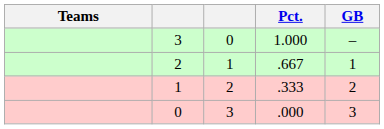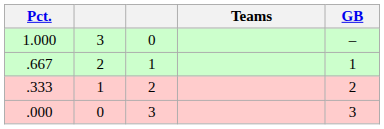 <table class="wikitable" width="400" style="text-align:center;">
 <tr>
-<th width="20%">Teams</th>
+<th width="8%"><a href='#'>Pct.</a></th>
 <th width="7%"></th>
 <th width="7%"></th>
-<th width="8%"><a href='#'>Pct.</a></th>
+<th width="20%">Teams</th>
 <th width="7%"><a href='#'>GB</a></th>
 </tr>
 <tr style="background-color:#cfc">
-<td align=left></td>
+<td>1.000</td>
 <td>3</td>
 <td>0</td>
-<td>1.000</td>
+<td align=left></td>
 <td>–</td>
 </tr>
 <tr style="background-color:#cfc">
-<td align=left></td>
+<td>.667</td>
 <td>2</td>
 <td>1</td>
-<td>.667</td>
+<td align=left></td>
 <td>1</td>
 </tr>
 <tr style="background-color:#fcc">
-<td align=left></td>
+<td>.333</td>
 <td>1</td>
 <td>2</td>
-<td>.333</td>
+<td align=left></td>
 <td>2</td>
 </tr>
 <tr style="background-color:#fcc">
-<td align=left></td>
+<td>.000</td>
 <td>0</td>
 <td>3</td>
-<td>.000</td>
+<td align=left></td>
 <td>3</td>
 </tr>
 </table>
